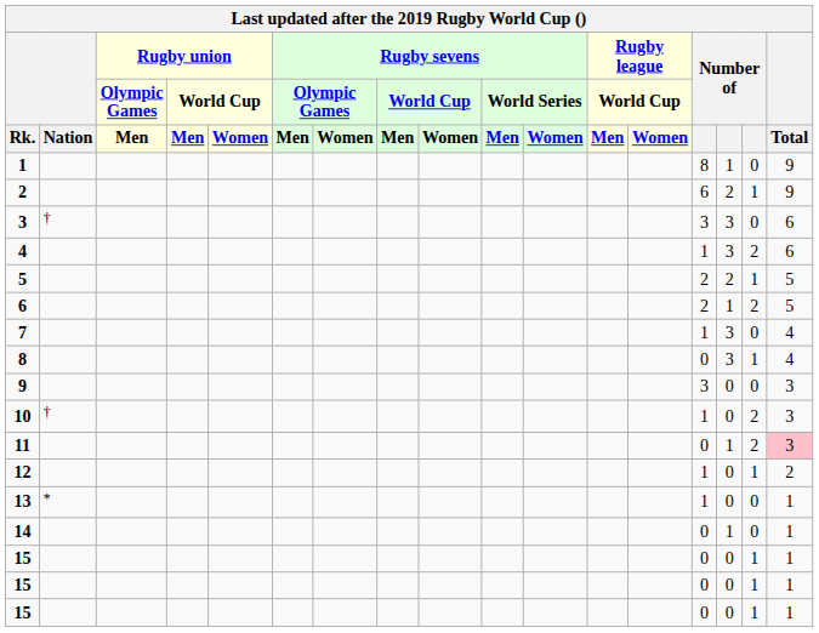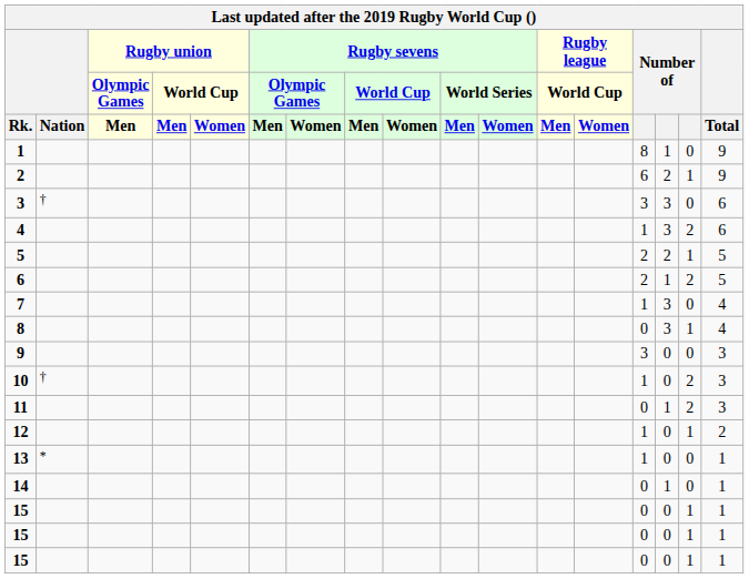 <table class="wikitable" style="margin-top: 0em; text-align: center; font-size: 100%;">
 <tr>
 <th colspan="17">Last updated after the 2019 Rugby World Cup ()</th>
 </tr>
 <tr>
 <th rowspan="2" colspan="2"></th>
 <th colspan="3" style="background: #ffd;"><a href='#'>Rugby union</a></th>
 <th colspan="6" style="background: #dfd;"><a href='#'>Rugby sevens</a></th>
 <th colspan="2" style="background: #ffd;"><a href='#'>Rugby league</a></th>
 <th rowspan="2" colspan="3">Number of</th>
 <th rowspan="2"></th>
 </tr>
 <tr>
 <th style="background: #ffd;"><a href='#'>Olympic Games</a></th>
 <th colspan="2" style="background: #ffd;">World Cup</th>
 <th colspan="2" style="background: #dfd;"><a href='#'>Olympic Games</a></th>
 <th colspan="2" style="background: #dfd;"><a href='#'>World Cup</a></th>
 <th colspan="2" style="background: #dfd;">World Series</th>
 <th colspan="2" style="background: #ffd;">World Cup</th>
 </tr>
 <tr>
 <th style="width: 1em;">Rk.</th>
 <th>Nation</th>
 <th style="background: #ffd; width: 1em;">Men</th>
 <th style="background: #ffd; width: 1em;"><a href='#'>Men</a></th>
 <th style="background: #ffd; width: 1em;"><a href='#'>Women</a></th>
 <th style="background: #dfd; width: 1em;">Men</th>
 <th style="background: #dfd; width: 1em;">Women</th>
 <th style="background: #dfd; width: 1em;">Men</th>
 <th style="background: #dfd; width: 1em;">Women</th>
 <th style="background: #dfd; width: 1em;"><a href='#'>Men</a></th>
 <th style="background: #dfd; width: 1em;"><a href='#'>Women</a></th>
 <th style="background: #ffd; width: 1em;"><a href='#'>Men</a></th>
 <th style="background: #ffd; width: 1em;"><a href='#'>Women</a></th>
 <th style="width: 1em;"></th>
 <th style="width: 1em;"></th>
 <th style="width: 1em;"></th>
 <th style="width: 1em;">Total</th>
 </tr>
 <tr>
 <td><strong>1</strong></td>
 <td style="text-align: left;"></td>
 <td></td>
 <td></td>
 <td></td>
 <td></td>
 <td></td>
 <td></td>
 <td></td>
 <td></td>
 <td></td>
 <td></td>
 <td></td>
 <td>8</td>
 <td>1</td>
 <td>0</td>
 <td>9</td>
 </tr>
 <tr>
 <td><strong>2</strong></td>
 <td style="text-align: left;"></td>
 <td></td>
 <td></td>
 <td></td>
 <td></td>
 <td></td>
 <td></td>
 <td></td>
 <td></td>
 <td></td>
 <td></td>
 <td></td>
 <td>6</td>
 <td>2</td>
 <td>1</td>
 <td>9</td>
 </tr>
 <tr>
 <td><strong>3</strong></td>
 <td style="text-align: left;"><sup>†</sup></td>
 <td></td>
 <td></td>
 <td></td>
 <td></td>
 <td></td>
 <td></td>
 <td></td>
 <td></td>
 <td></td>
 <td></td>
 <td></td>
 <td>3</td>
 <td>3</td>
 <td>0</td>
 <td>6</td>
 </tr>
 <tr>
 <td><strong>4</strong></td>
 <td style="text-align: left;"></td>
 <td></td>
 <td></td>
 <td></td>
 <td></td>
 <td></td>
 <td></td>
 <td></td>
 <td></td>
 <td></td>
 <td></td>
 <td></td>
 <td>1</td>
 <td>3</td>
 <td>2</td>
 <td>6</td>
 </tr>
 <tr>
 <td><strong>5</strong></td>
 <td style="text-align: left;"></td>
 <td></td>
 <td></td>
 <td></td>
 <td></td>
 <td></td>
 <td></td>
 <td></td>
 <td></td>
 <td></td>
 <td></td>
 <td></td>
 <td>2</td>
 <td>2</td>
 <td>1</td>
 <td>5</td>
 </tr>
 <tr>
 <td><strong>6</strong></td>
 <td style="text-align: left;"></td>
 <td></td>
 <td></td>
 <td></td>
 <td></td>
 <td></td>
 <td></td>
 <td></td>
 <td></td>
 <td></td>
 <td></td>
 <td></td>
 <td>2</td>
 <td>1</td>
 <td>2</td>
 <td>5</td>
 </tr>
 <tr>
 <td><strong>7</strong></td>
 <td style="text-align: left;"></td>
 <td></td>
 <td></td>
 <td></td>
 <td></td>
 <td></td>
 <td></td>
 <td></td>
 <td></td>
 <td></td>
 <td></td>
 <td></td>
 <td>1</td>
 <td>3</td>
 <td>0</td>
 <td>4</td>
 </tr>
 <tr>
 <td><strong>8</strong></td>
 <td style="text-align: left;"></td>
 <td></td>
 <td></td>
 <td></td>
 <td></td>
 <td></td>
 <td></td>
 <td></td>
 <td></td>
 <td></td>
 <td></td>
 <td></td>
 <td>0</td>
 <td>3</td>
 <td>1</td>
 <td>4</td>
 </tr>
 <tr>
 <td><strong>9</strong></td>
 <td style="text-align: left;"></td>
 <td></td>
 <td></td>
 <td></td>
 <td></td>
 <td></td>
 <td></td>
 <td></td>
 <td></td>
 <td></td>
 <td></td>
 <td></td>
 <td>3</td>
 <td>0</td>
 <td>0</td>
 <td>3</td>
 </tr>
 <tr>
 <td><strong>10</strong></td>
 <td style="text-align: left;"><sup>†</sup></td>
 <td></td>
 <td></td>
 <td></td>
 <td></td>
 <td></td>
 <td></td>
 <td></td>
 <td></td>
 <td></td>
 <td></td>
 <td></td>
 <td>1</td>
 <td>0</td>
 <td>2</td>
 <td>3</td>
 </tr>
 <tr>
 <td><strong>11</strong></td>
 <td style="text-align: left;"></td>
 <td></td>
 <td></td>
 <td></td>
 <td></td>
 <td></td>
 <td></td>
 <td></td>
 <td></td>
 <td></td>
 <td></td>
 <td></td>
 <td>0</td>
 <td>1</td>
 <td>2</td>
-<td style="background: pink;">3</td>
+<td>3</td>
 </tr>
 <tr>
 <td><strong>12</strong></td>
 <td style="text-align: left;"></td>
 <td></td>
 <td></td>
 <td></td>
 <td></td>
 <td></td>
 <td></td>
 <td></td>
 <td></td>
 <td></td>
 <td></td>
 <td></td>
 <td>1</td>
 <td>0</td>
 <td>1</td>
 <td>2</td>
 </tr>
 <tr>
 <td><strong>13</strong></td>
 <td style="text-align: left;"><em></em><sup>*</sup></td>
 <td></td>
 <td></td>
 <td></td>
 <td></td>
 <td></td>
 <td></td>
 <td></td>
 <td></td>
 <td></td>
 <td></td>
 <td></td>
 <td>1</td>
 <td>0</td>
 <td>0</td>
 <td>1</td>
 </tr>
 <tr>
 <td><strong>14</strong></td>
 <td style="text-align: left;"></td>
 <td></td>
 <td></td>
 <td></td>
 <td></td>
 <td></td>
 <td></td>
 <td></td>
 <td></td>
 <td></td>
 <td></td>
 <td></td>
 <td>0</td>
 <td>1</td>
 <td>0</td>
 <td>1</td>
 </tr>
 <tr>
 <td><strong>15</strong></td>
 <td style="text-align: left;"></td>
 <td></td>
 <td></td>
 <td></td>
 <td></td>
 <td></td>
 <td></td>
 <td></td>
 <td></td>
 <td></td>
 <td></td>
 <td></td>
 <td>0</td>
 <td>0</td>
 <td>1</td>
 <td>1</td>
 </tr>
 <tr>
 <td><strong>15</strong></td>
 <td style="text-align: left;"></td>
 <td></td>
 <td></td>
 <td></td>
 <td></td>
 <td></td>
 <td></td>
 <td></td>
 <td></td>
 <td></td>
 <td></td>
 <td></td>
 <td>0</td>
 <td>0</td>
 <td>1</td>
 <td>1</td>
 </tr>
 <tr>
 <td><strong>15</strong></td>
 <td style="text-align: left;"></td>
 <td></td>
 <td></td>
 <td></td>
 <td></td>
 <td></td>
 <td></td>
 <td></td>
 <td></td>
 <td></td>
 <td></td>
 <td></td>
 <td>0</td>
 <td>0</td>
 <td>1</td>
 <td>1</td>
 </tr>
 </table>
